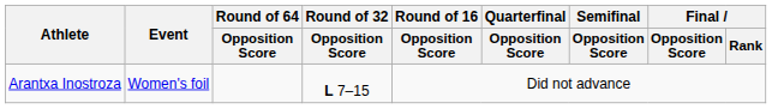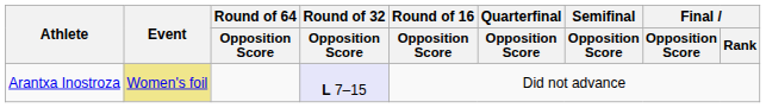 <table class="wikitable" style="font-size:90%">
 <tr>
 <th rowspan="2">Athlete</th>
 <th rowspan="2">Event</th>
 <th>Round of 64</th>
 <th>Round of 32</th>
 <th>Round of 16</th>
 <th>Quarterfinal</th>
 <th>Semifinal</th>
 <th colspan=2>Final / </th>
 </tr>
 <tr style="font-size:95%">
 <th>Opposition <br> Score</th>
 <th>Opposition <br> Score</th>
 <th>Opposition <br> Score</th>
 <th>Opposition <br> Score</th>
 <th>Opposition <br> Score</th>
 <th>Opposition <br> Score</th>
 <th>Rank</th>
 </tr>
 <tr align=center>
 <td align=left><a href='#'>Arantxa Inostroza</a></td>
-<td align=left><a href='#'>Women's foil</a></td>
+<td align=left style="background: khaki;"><a href='#'>Women's foil</a></td>
 <td></td>
-<td><br><strong>L</strong> 7–15</td>
+<td style="background: lavender;"><br><strong>L</strong> 7–15</td>
 <td colspan="5">Did not advance</td>
 </tr>
 </table>
